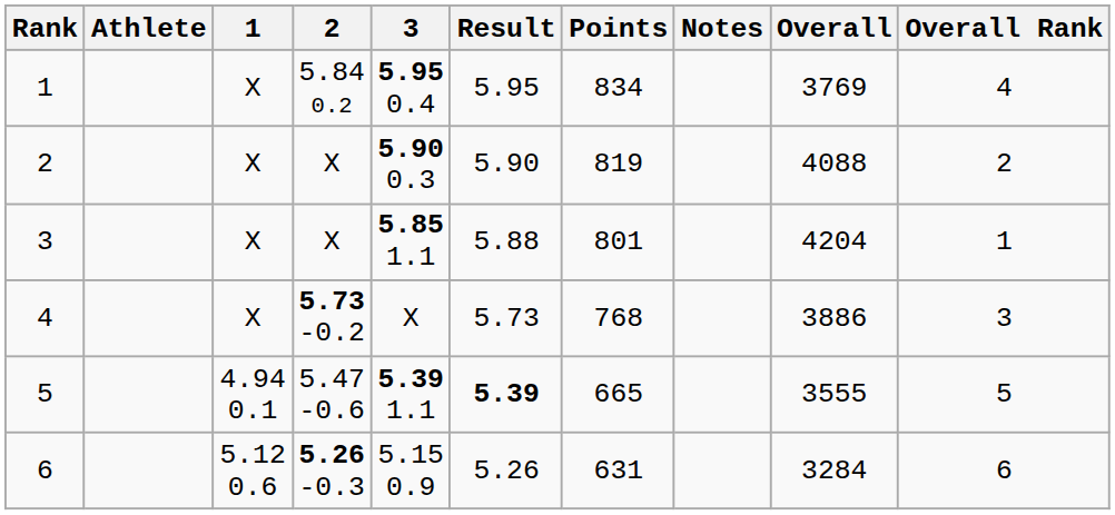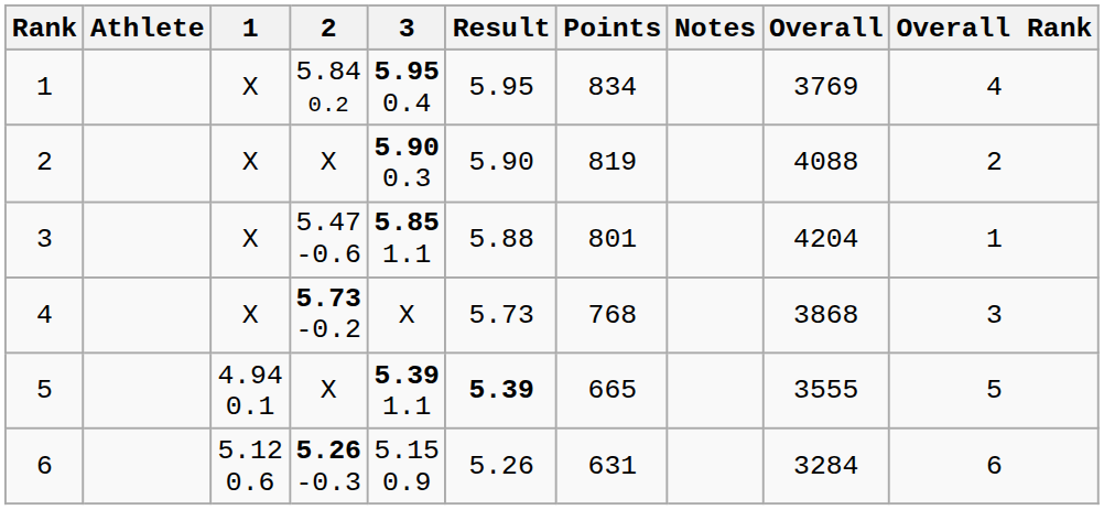 <table class="wikitable sortable" style="text-align:center">
 <tr>
 <th>Rank</th>
 <th>Athlete</th>
 <th>1</th>
 <th>2</th>
 <th>3</th>
 <th>Result</th>
 <th>Points</th>
 <th>Notes</th>
 <th>Overall</th>
 <th>Overall Rank</th>
 </tr>
 <tr>
 <td>1</td>
 <td align=left></td>
 <td>X</td>
 <td>5.84<br><small>0.2</small></td>
 <td><strong>5.95</strong><br>0.4</td>
 <td>5.95</td>
 <td>834</td>
 <td></td>
 <td>3769</td>
 <td>4</td>
 </tr>
 <tr>
 <td>2</td>
 <td align=left></td>
 <td>X</td>
 <td>X</td>
 <td><strong>5.90</strong><br>0.3</td>
 <td>5.90</td>
 <td>819</td>
 <td></td>
 <td>4088</td>
 <td>2</td>
 </tr>
 <tr>
 <td>3</td>
 <td align=left></td>
 <td>X</td>
-<td>X</td>
+<td>5.47<br>-0.6</td>
 <td><strong>5.85</strong><br>1.1</td>
 <td>5.88</td>
 <td>801</td>
 <td></td>
 <td>4204</td>
 <td>1</td>
 </tr>
 <tr>
 <td>4</td>
 <td align=left></td>
 <td>X</td>
 <td><strong>5.73</strong><br>-0.2</td>
 <td>X</td>
 <td>5.73</td>
 <td>768</td>
 <td></td>
-<td>3886</td>
+<td>3868</td>
 <td>3</td>
 </tr>
 <tr>
 <td>5</td>
 <td align=left></td>
 <td>4.94<br>0.1</td>
-<td>5.47<br>-0.6</td>
+<td>X</td>
 <td><strong>5.39</strong><br>1.1</td>
 <td><strong>5.39</strong></td>
 <td>665</td>
 <td></td>
 <td>3555</td>
 <td>5</td>
 </tr>
 <tr>
 <td>6</td>
 <td align=left></td>
 <td>5.12<br>0.6</td>
 <td><strong>5.26</strong><br>-0.3</td>
 <td>5.15<br>0.9</td>
 <td>5.26</td>
 <td>631</td>
 <td></td>
 <td>3284</td>
 <td>6</td>
 </tr>
 </table>
